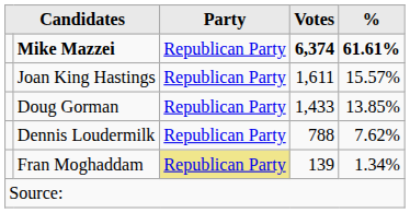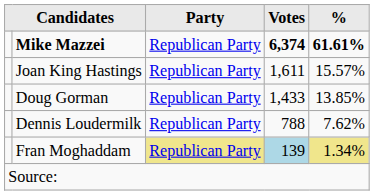 <table class=wikitable style="font-size:95%; text-align:right;">
 <tr>
 <th style="background-color:#E9E9E9" align=center colspan=2>Candidates</th>
 <th style="background-color:#E9E9E9" align=center>Party</th>
 <th style="background-color:#E9E9E9" align=center>Votes</th>
 <th style="background-color:#E9E9E9" align=center>%</th>
 </tr>
 <tr>
 <td></td>
 <td align=left><strong>Mike Mazzei</strong></td>
 <td align=center><a href='#'>Republican Party</a></td>
 <td><strong>6,374</strong></td>
 <td><strong>61.61%</strong></td>
 </tr>
 <tr>
 <td></td>
 <td align=left>Joan King Hastings</td>
 <td align=center><a href='#'>Republican Party</a></td>
 <td>1,611</td>
 <td>15.57%</td>
 </tr>
 <tr>
 <td></td>
 <td align=left>Doug Gorman</td>
 <td align=center><a href='#'>Republican Party</a></td>
 <td>1,433</td>
 <td>13.85%</td>
 </tr>
 <tr>
 <td></td>
 <td align=left>Dennis Loudermilk</td>
 <td align=center><a href='#'>Republican Party</a></td>
 <td>788</td>
 <td>7.62%</td>
 </tr>
 <tr>
 <td></td>
 <td align=left>Fran Moghaddam</td>
 <td align=center style="background: khaki;"><a href='#'>Republican Party</a></td>
-<td>139</td>
-<td>1.34%</td>
+<td style="background: lightblue;">139</td>
+<td style="background: khaki;">1.34%</td>
 </tr>
 <tr>
 <td align="left" colspan=6>Source:</td>
 </tr>
 </table>
